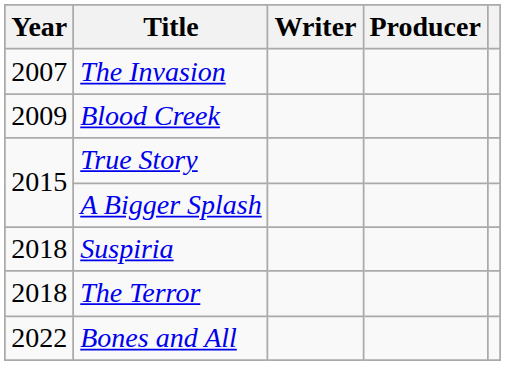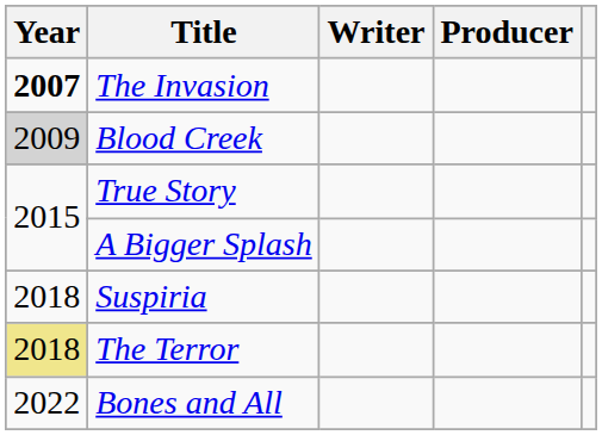 <table class="wikitable">
 <tr>
 <th>Year</th>
 <th>Title</th>
 <th>Writer</th>
 <th>Producer</th>
 <th></th>
 </tr>
 <tr>
-<td>2007</td>
+<td><strong>2007</strong></td>
 <td><em><a href='#'>The Invasion</a></em></td>
 <td></td>
 <td></td>
 <td align=center></td>
 </tr>
 <tr>
-<td>2009</td>
+<td style="background: lightgrey;">2009</td>
 <td><em><a href='#'>Blood Creek</a></em></td>
 <td></td>
 <td></td>
 <td align=center></td>
 </tr>
 <tr>
 <td rowspan=2>2015</td>
 <td><em><a href='#'>True Story</a></em></td>
 <td></td>
 <td></td>
 <td align=center></td>
 </tr>
 <tr>
 <td><em><a href='#'>A Bigger Splash</a></em></td>
 <td></td>
 <td></td>
 <td align=center></td>
 </tr>
 <tr>
 <td>2018</td>
 <td><em><a href='#'>Suspiria</a></em></td>
 <td></td>
 <td></td>
 <td align=center></td>
 </tr>
 <tr>
-<td>2018</td>
+<td style="background: khaki;">2018</td>
 <td><em><a href='#'>The Terror</a></em></td>
 <td></td>
 <td></td>
 <td align=center></td>
 </tr>
 <tr>
 <td>2022</td>
 <td><em><a href='#'>Bones and All</a></em></td>
 <td></td>
 <td></td>
 <td align=center></td>
 </tr>
 </table>
